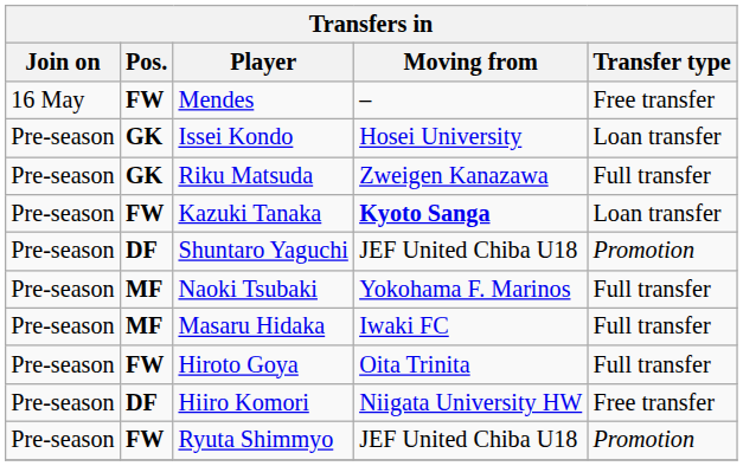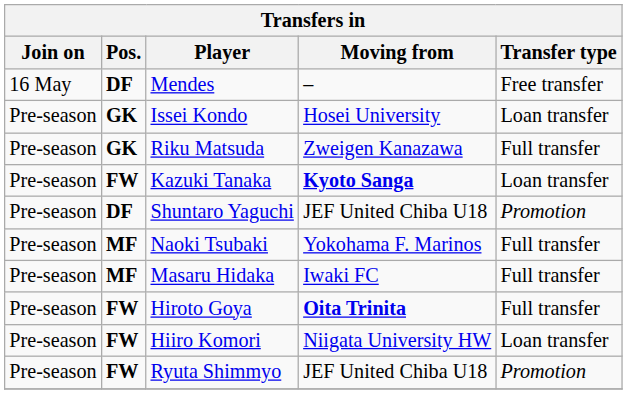 <table class="wikitable sortable" style=“text-align:left;>
 <tr>
 <th colspan="5">Transfers in</th>
 </tr>
 <tr>
 <th>Join on</th>
 <th>Pos.</th>
 <th>Player</th>
 <th>Moving from</th>
 <th>Transfer type</th>
 </tr>
 <tr>
 <td>16 May</td>
-<td><strong>FW</strong></td>
+<td><strong>DF</strong></td>
 <td> <a href='#'>Mendes</a></td>
 <td>–</td>
 <td>Free transfer</td>
 </tr>
 <tr>
 <td>Pre-season</td>
 <td><strong>GK</strong></td>
 <td> <a href='#'>Issei Kondo</a></td>
 <td> <a href='#'>Hosei University</a></td>
 <td>Loan transfer</td>
 </tr>
 <tr>
 <td>Pre-season</td>
 <td><strong>GK</strong></td>
 <td> <a href='#'>Riku Matsuda</a></td>
 <td> <a href='#'>Zweigen Kanazawa</a></td>
 <td>Full transfer</td>
 </tr>
 <tr>
 <td>Pre-season</td>
 <td><strong>FW</strong></td>
 <td> <a href='#'>Kazuki Tanaka</a></td>
 <td><strong> <a href='#'>Kyoto Sanga</a></strong></td>
 <td>Loan transfer</td>
 </tr>
 <tr>
 <td>Pre-season</td>
 <td><strong>DF</strong></td>
 <td> <a href='#'>Shuntaro Yaguchi</a></td>
 <td>JEF United Chiba U18</td>
 <td><em>Promotion</em></td>
 </tr>
 <tr>
 <td>Pre-season</td>
 <td><strong>MF</strong></td>
 <td> <a href='#'>Naoki Tsubaki</a></td>
 <td> <a href='#'>Yokohama F. Marinos</a></td>
 <td>Full transfer</td>
 </tr>
 <tr>
 <td>Pre-season</td>
 <td><strong>MF</strong></td>
 <td> <a href='#'>Masaru Hidaka</a></td>
 <td> <a href='#'>Iwaki FC</a></td>
 <td>Full transfer</td>
 </tr>
 <tr>
 <td>Pre-season</td>
 <td><strong>FW</strong></td>
 <td> <a href='#'>Hiroto Goya</a></td>
-<td> <a href='#'>Oita Trinita</a></td>
+<td><strong> <a href='#'>Oita Trinita</a></strong></td>
 <td>Full transfer</td>
 </tr>
 <tr>
 <td>Pre-season</td>
-<td><strong>DF</strong></td>
+<td><strong>FW</strong></td>
 <td> <a href='#'>Hiiro Komori</a></td>
 <td> <a href='#'>Niigata University HW</a></td>
-<td>Free transfer</td>
+<td>Loan transfer</td>
 </tr>
 <tr>
 <td>Pre-season</td>
 <td><strong>FW</strong></td>
 <td> <a href='#'>Ryuta Shimmyo</a></td>
 <td>JEF United Chiba U18</td>
 <td><em>Promotion</em></td>
 </tr>
 <tr>
 </tr>
 </table>
